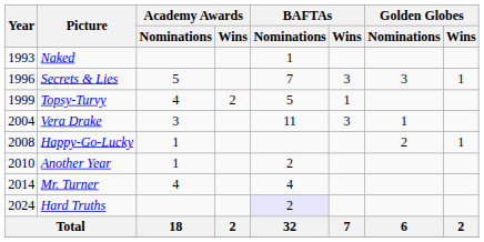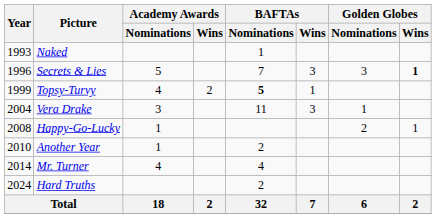 <table class="wikitable">
 <tr>
 <th rowspan="2">Year</th>
 <th rowspan="2">Picture</th>
 <th colspan="2">Academy Awards</th>
 <th colspan="2">BAFTAs</th>
 <th colspan="2">Golden Globes</th>
 </tr>
 <tr>
 <th>Nominations</th>
 <th>Wins</th>
 <th>Nominations</th>
 <th>Wins</th>
 <th>Nominations</th>
 <th>Wins</th>
 </tr>
 <tr>
 <td>1993</td>
 <td><em><a href='#'>Naked</a></em></td>
 <td></td>
 <td></td>
 <td align=center>1</td>
 <td></td>
 <td></td>
 <td></td>
 </tr>
 <tr>
 <td>1996</td>
 <td><em><a href='#'>Secrets & Lies</a></em></td>
 <td align=center>5</td>
 <td></td>
 <td align=center>7</td>
 <td align=center>3</td>
 <td align=center>3</td>
-<td align=center>1</td>
+<td align=center><strong>1</strong></td>
 </tr>
 <tr>
 <td>1999</td>
 <td><em><a href='#'>Topsy-Turvy</a></em></td>
 <td align=center>4</td>
 <td align=center>2</td>
-<td align=center>5</td>
+<td align=center><strong>5</strong></td>
 <td align=center>1</td>
 <td></td>
 <td></td>
 </tr>
 <tr>
 <td>2004</td>
 <td><em><a href='#'>Vera Drake</a></em></td>
 <td align=center>3</td>
 <td></td>
 <td align=center>11</td>
 <td align=center>3</td>
 <td align=center>1</td>
 <td></td>
 </tr>
 <tr>
 <td>2008</td>
 <td><em><a href='#'>Happy-Go-Lucky</a></em></td>
 <td align=center>1</td>
 <td></td>
 <td></td>
 <td></td>
 <td align=center>2</td>
 <td align=center>1</td>
 </tr>
 <tr>
 <td>2010</td>
 <td><em><a href='#'>Another Year</a></em></td>
 <td align=center>1</td>
 <td></td>
 <td align=center>2</td>
 <td></td>
 <td></td>
 <td></td>
 </tr>
 <tr>
 <td>2014</td>
 <td><em><a href='#'>Mr. Turner</a></em></td>
 <td align=center>4</td>
 <td></td>
 <td align=center>4</td>
 <td></td>
 <td></td>
 <td></td>
 </tr>
 <tr>
 <td>2024</td>
 <td><em><a href='#'>Hard Truths</a></em></td>
 <td></td>
 <td></td>
-<td align=center style="background: lavender;">2</td>
+<td align=center>2</td>
 <td></td>
 <td></td>
 <td></td>
 </tr>
 <tr>
 <th colspan="2">Total</th>
 <th>18</th>
 <th>2</th>
 <th>32</th>
 <th>7</th>
 <th>6</th>
 <th>2</th>
 </tr>
 <tr>
 </tr>
 </table>
